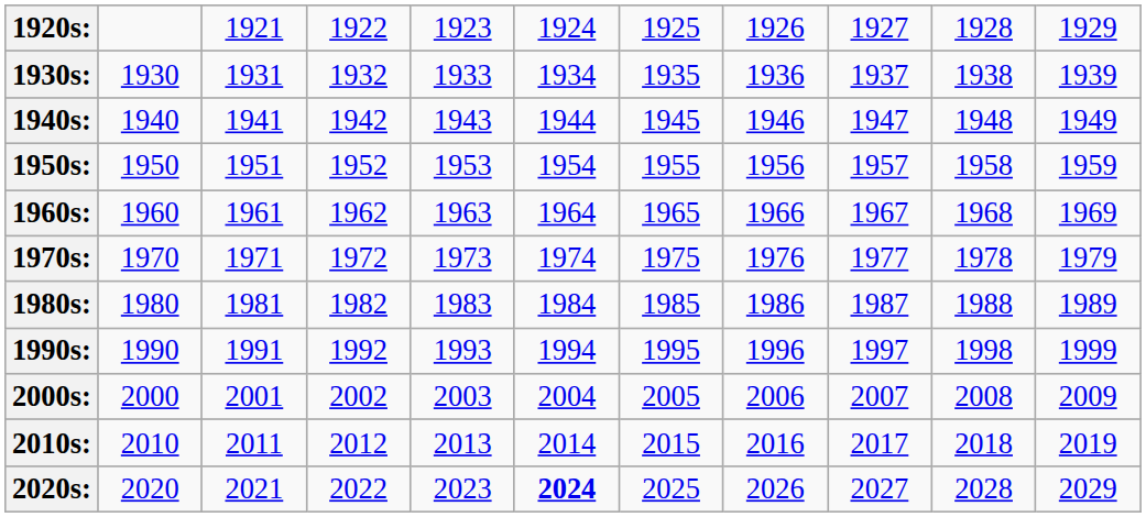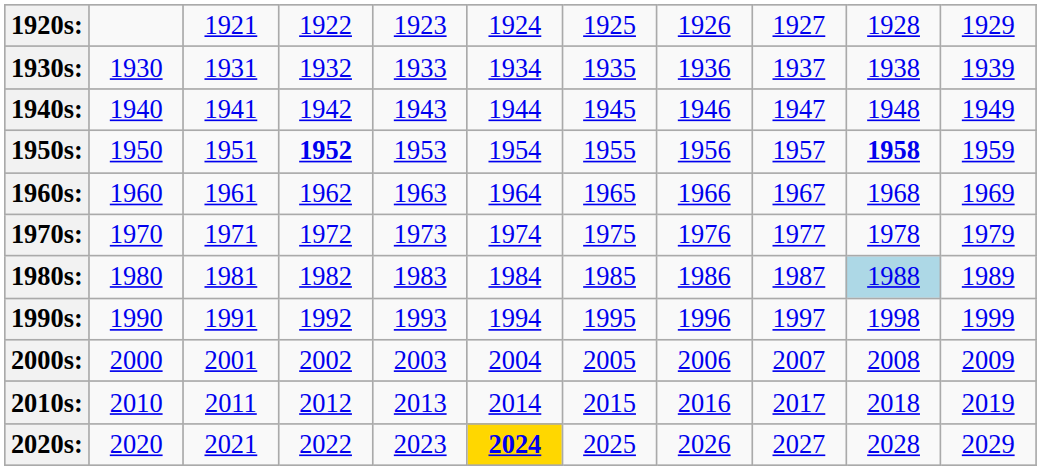 <table class="wikitable" style="text-align:center;">
 <tr>
 <th align="left"><strong>1920s:</strong></th>
 <td width="50"> </td>
 <td width="50"><a href='#'>1921</a></td>
 <td width="50"><a href='#'>1922</a></td>
 <td width="50"><a href='#'>1923</a></td>
 <td width="50"><a href='#'>1924</a></td>
 <td width="50"><a href='#'>1925</a></td>
 <td width="50"><a href='#'>1926</a></td>
 <td width="50"><a href='#'>1927</a></td>
 <td width="50"><a href='#'>1928</a></td>
 <td width="50"><a href='#'>1929</a></td>
 </tr>
 <tr>
 <th align="left"><strong>1930s:</strong></th>
 <td><a href='#'>1930</a></td>
 <td><a href='#'>1931</a></td>
 <td><a href='#'>1932</a></td>
 <td><a href='#'>1933</a></td>
 <td><a href='#'>1934</a></td>
 <td><a href='#'>1935</a></td>
 <td><a href='#'>1936</a></td>
 <td><a href='#'>1937</a></td>
 <td><a href='#'>1938</a></td>
 <td><a href='#'>1939</a></td>
 </tr>
 <tr>
 <th align="left"><strong>1940s:</strong></th>
 <td><a href='#'>1940</a></td>
 <td><a href='#'>1941</a></td>
 <td><a href='#'>1942</a></td>
 <td><a href='#'>1943</a></td>
 <td><a href='#'>1944</a></td>
 <td><a href='#'>1945</a></td>
 <td><a href='#'>1946</a></td>
 <td><a href='#'>1947</a></td>
 <td><a href='#'>1948</a></td>
 <td><a href='#'>1949</a></td>
 </tr>
 <tr>
 <th align="left"><strong>1950s:</strong></th>
 <td><a href='#'>1950</a></td>
 <td><a href='#'>1951</a></td>
-<td><a href='#'>1952</a></td>
+<td><strong><a href='#'>1952</a></strong></td>
 <td><a href='#'>1953</a></td>
 <td><a href='#'>1954</a></td>
 <td><a href='#'>1955</a></td>
 <td><a href='#'>1956</a></td>
 <td><a href='#'>1957</a></td>
-<td><a href='#'>1958</a></td>
+<td><strong><a href='#'>1958</a></strong></td>
 <td><a href='#'>1959</a></td>
 </tr>
 <tr>
 <th align="left"><strong>1960s:</strong></th>
 <td><a href='#'>1960</a></td>
 <td><a href='#'>1961</a></td>
 <td><a href='#'>1962</a></td>
 <td><a href='#'>1963</a></td>
 <td><a href='#'>1964</a></td>
 <td><a href='#'>1965</a></td>
 <td><a href='#'>1966</a></td>
 <td><a href='#'>1967</a></td>
 <td><a href='#'>1968</a></td>
 <td><a href='#'>1969</a></td>
 </tr>
 <tr>
 <th align="left"><strong>1970s:</strong></th>
 <td><a href='#'>1970</a></td>
 <td><a href='#'>1971</a></td>
 <td><a href='#'>1972</a></td>
 <td><a href='#'>1973</a></td>
 <td><a href='#'>1974</a></td>
 <td><a href='#'>1975</a></td>
 <td><a href='#'>1976</a></td>
 <td><a href='#'>1977</a></td>
 <td><a href='#'>1978</a></td>
 <td><a href='#'>1979</a></td>
 </tr>
 <tr>
 <th align="left"><strong>1980s:</strong></th>
 <td><a href='#'>1980</a></td>
 <td><a href='#'>1981</a></td>
 <td><a href='#'>1982</a></td>
 <td><a href='#'>1983</a></td>
 <td><a href='#'>1984</a></td>
 <td><a href='#'>1985</a></td>
 <td><a href='#'>1986</a></td>
 <td><a href='#'>1987</a></td>
-<td><a href='#'>1988</a></td>
+<td style="background: lightblue;"><a href='#'>1988</a></td>
 <td><a href='#'>1989</a></td>
 </tr>
 <tr>
 <th align="left"><strong>1990s:</strong></th>
 <td><a href='#'>1990</a></td>
 <td><a href='#'>1991</a></td>
 <td><a href='#'>1992</a></td>
 <td><a href='#'>1993</a></td>
 <td><a href='#'>1994</a></td>
 <td><a href='#'>1995</a></td>
 <td><a href='#'>1996</a></td>
 <td><a href='#'>1997</a></td>
 <td><a href='#'>1998</a></td>
 <td><a href='#'>1999</a></td>
 </tr>
 <tr>
 <th align="left"><strong>2000s:</strong></th>
 <td><a href='#'>2000</a></td>
 <td><a href='#'>2001</a></td>
 <td><a href='#'>2002</a></td>
 <td><a href='#'>2003</a></td>
 <td><a href='#'>2004</a></td>
 <td><a href='#'>2005</a></td>
 <td><a href='#'>2006</a></td>
 <td><a href='#'>2007</a></td>
 <td><a href='#'>2008</a></td>
 <td><a href='#'>2009</a></td>
 </tr>
 <tr>
 <th align="left"><strong>2010s:</strong></th>
 <td><a href='#'>2010</a></td>
 <td><a href='#'>2011</a></td>
 <td><a href='#'>2012</a></td>
 <td><a href='#'>2013</a></td>
 <td><a href='#'>2014</a></td>
 <td><a href='#'>2015</a></td>
 <td><a href='#'>2016</a></td>
 <td><a href='#'>2017</a></td>
 <td><a href='#'>2018</a></td>
 <td><a href='#'>2019</a></td>
 </tr>
 <tr>
 <th align="left"><strong>2020s:</strong></th>
 <td><a href='#'>2020</a></td>
 <td><a href='#'>2021</a></td>
 <td><a href='#'>2022</a></td>
 <td><a href='#'>2023</a></td>
-<td><strong><a href='#'>2024</a></strong></td>
+<td style="background: gold;"><strong><a href='#'>2024</a></strong></td>
 <td><a href='#'>2025</a></td>
 <td><a href='#'>2026</a></td>
 <td><a href='#'>2027</a></td>
 <td><a href='#'>2028</a></td>
 <td><a href='#'>2029</a></td>
 </tr>
 </table>
